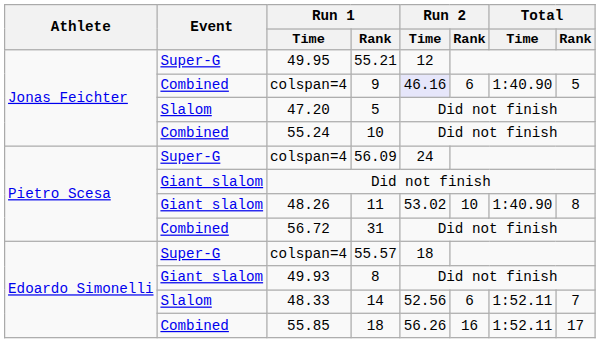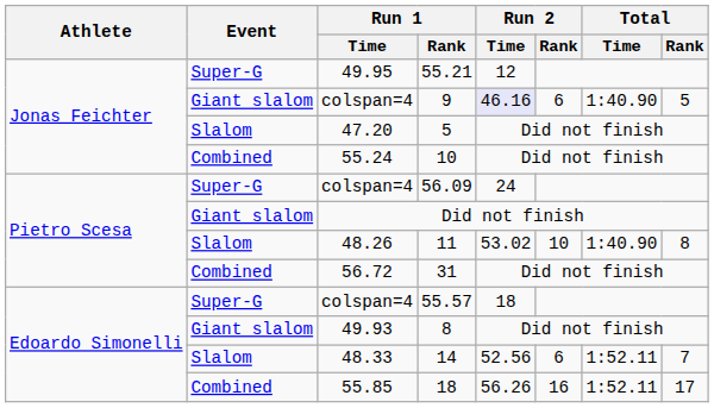 <table class="wikitable" style="font-size:90%">
 <tr>
 <th rowspan=2>Athlete</th>
 <th rowspan=2>Event</th>
 <th colspan=2>Run 1</th>
 <th colspan=2>Run 2</th>
 <th colspan=2>Total</th>
 </tr>
 <tr style="font-size:95%">
 <th>Time</th>
 <th>Rank</th>
 <th>Time</th>
 <th>Rank</th>
 <th>Time</th>
 <th>Rank</th>
 </tr>
 <tr align=center>
 <td align="left" rowspan="4"><a href='#'>Jonas Feichter</a></td>
 <td align="left"><a href='#'>Super-G</a></td>
 <td>49.95</td>
 <td>55.21</td>
 <td>12</td>
 </tr>
 <tr align=center>
-<td align="left"><a href='#'>Combined</a></td>
+<td align="left"><a href='#'>Giant slalom</a></td>
 <td>colspan=4</td>
 <td>9</td>
 <td style="background: lavender;">46.16</td>
 <td>6</td>
 <td>1:40.90</td>
 <td>5</td>
 </tr>
 <tr align=center>
 <td align="left"><a href='#'>Slalom</a></td>
 <td>47.20</td>
 <td>5</td>
 <td colspan=4>Did not finish</td>
 </tr>
 <tr align=center>
 <td align="left"><a href='#'>Combined</a></td>
 <td>55.24</td>
 <td>10</td>
 <td colspan=4>Did not finish</td>
 </tr>
 <tr align=center>
 <td align="left" rowspan="4"><a href='#'>Pietro Scesa</a></td>
 <td align="left"><a href='#'>Super-G</a></td>
 <td>colspan=4</td>
 <td>56.09</td>
 <td>24</td>
 </tr>
 <tr align=center>
 <td align="left"><a href='#'>Giant slalom</a></td>
 <td colspan=6>Did not finish</td>
 </tr>
 <tr align=center>
-<td align="left"><a href='#'>Giant slalom</a></td>
+<td align="left"><a href='#'>Slalom</a></td>
 <td>48.26</td>
 <td>11</td>
 <td>53.02</td>
 <td>10</td>
 <td>1:40.90</td>
 <td>8</td>
 </tr>
 <tr align=center>
 <td align="left"><a href='#'>Combined</a></td>
 <td>56.72</td>
 <td>31</td>
 <td colspan=4>Did not finish</td>
 </tr>
 <tr align=center>
 <td align="left" rowspan="4"><a href='#'>Edoardo Simonelli</a></td>
 <td align="left"><a href='#'>Super-G</a></td>
 <td>colspan=4</td>
 <td>55.57</td>
 <td>18</td>
 </tr>
 <tr align=center>
 <td align="left"><a href='#'>Giant slalom</a></td>
 <td>49.93</td>
 <td>8</td>
 <td colspan=4>Did not finish</td>
 </tr>
 <tr align=center>
 <td align="left"><a href='#'>Slalom</a></td>
 <td>48.33</td>
 <td>14</td>
 <td>52.56</td>
 <td>6</td>
 <td>1:52.11</td>
 <td>7</td>
 </tr>
 <tr align=center>
 <td align="left"><a href='#'>Combined</a></td>
 <td>55.85</td>
 <td>18</td>
 <td>56.26</td>
 <td>16</td>
 <td>1:52.11</td>
 <td>17</td>
 </tr>
 </table>
